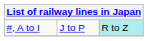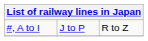 <table class="wikitable">
 <tr>
 <th colspan=3><a href='#'>List of railway lines in Japan</a></th>
 </tr>
 <tr>
 <td><a href='#'>#, A to I</a></td>
 <td><a href='#'>J to P</a></td>
-<td style="background: paleturquoise;">R to Z</td>
+<td>R to Z</td>
 </tr>
 <tr>
 </tr>
 </table>
